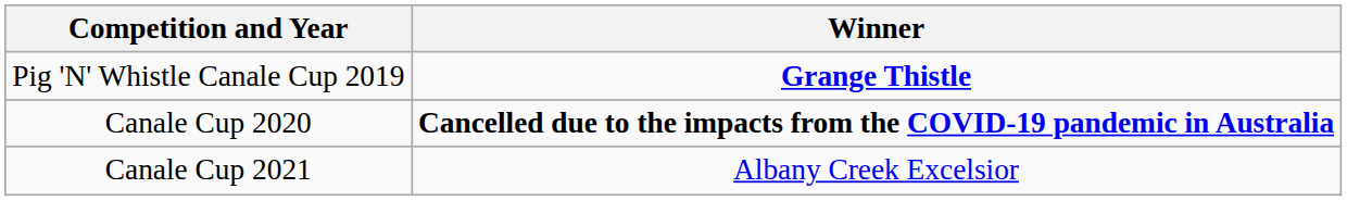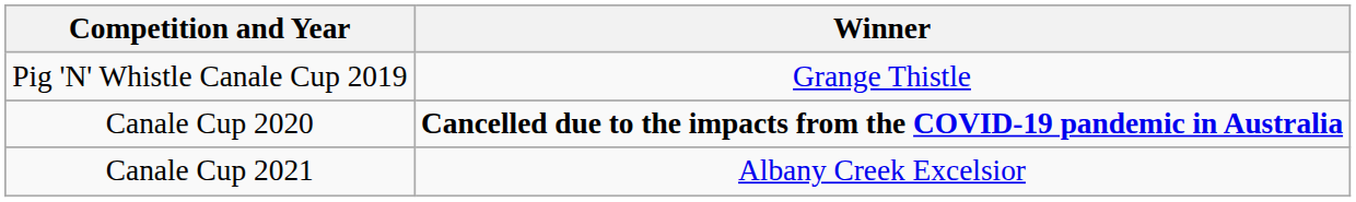 <table class="wikitable" style="text-align:center">
 <tr>
 <th>Competition and Year</th>
 <th>Winner</th>
 </tr>
 <tr>
 <td>Pig 'N' Whistle Canale Cup 2019</td>
-<td><strong><a href='#'>Grange Thistle</a></strong></td>
+<td><a href='#'>Grange Thistle</a></td>
 </tr>
 <tr>
 <td>Canale Cup 2020</td>
 <td><strong>Cancelled due to the impacts from the <a href='#'>COVID-19 pandemic in Australia</a></strong></td>
 </tr>
 <tr>
 <td>Canale Cup 2021</td>
 <td><a href='#'>Albany Creek Excelsior</a></td>
 </tr>
 </table>
